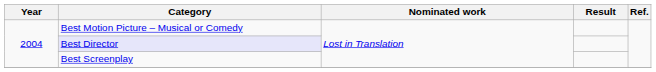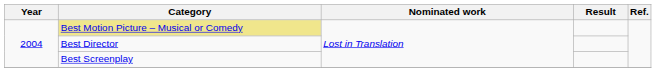 <table class=wikitable>
 <tr>
 <th scope="col" style="width:5em;">Year</th>
 <th scope="col" style="width:26em;">Category</th>
 <th scope="col" style="width:25em;">Nominated work</th>
 <th scope="col" style="width:5em;">Result</th>
 <th>Ref.</th>
 </tr>
 <tr>
 <td style="text-align:center;", rowspan=3><a href='#'>2004</a></td>
-<td><a href='#'>Best Motion Picture – Musical or Comedy</a></td>
+<td style="background: khaki;"><a href='#'>Best Motion Picture – Musical or Comedy</a></td>
 <td rowspan=3><em><a href='#'>Lost in Translation</a></em></td>
 <td></td>
 <td rowspan=3></td>
 </tr>
 <tr>
-<td style="background: lavender;"><a href='#'>Best Director</a></td>
+<td><a href='#'>Best Director</a></td>
 <td></td>
 </tr>
 <tr>
 <td><a href='#'>Best Screenplay</a></td>
 <td></td>
 </tr>
 <tr>
 </tr>
 </table>
